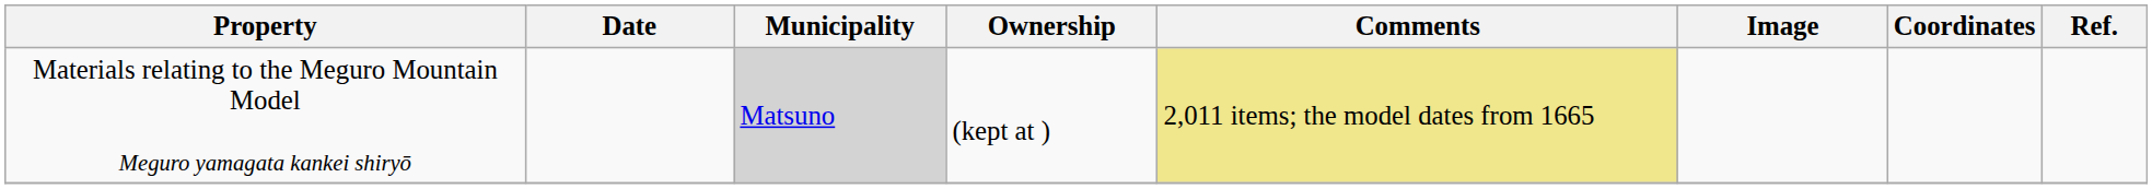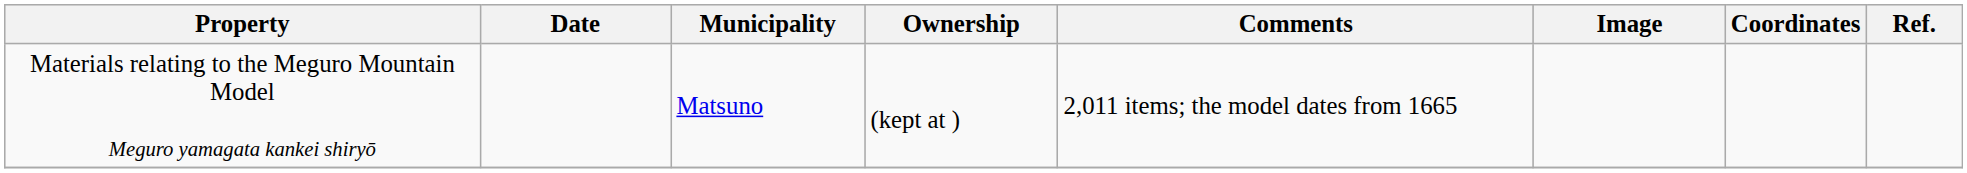 <table class="wikitable sortable"  style="width:100%;">
 <tr>
 <th width="25%" align="left">Property</th>
 <th width="10%" align="left">Date</th>
 <th width="10%" align="left">Municipality</th>
 <th width="10%" align="left">Ownership</th>
 <th width="25%" align="left" class="unsortable">Comments</th>
 <th width="10%" align="left" class="unsortable">Image</th>
 <th width="5%" align="left" class="unsortable">Coordinates</th>
 <th width="5%" align="left" class="unsortable">Ref.</th>
 </tr>
 <tr>
 <td align="center">Materials relating to the Meguro Mountain Model<br><br><small><em>Meguro yamagata kankei shiryō</em></small></td>
 <td></td>
-<td style="background: lightgrey;"><a href='#'>Matsuno</a></td>
+<td><a href='#'>Matsuno</a></td>
 <td><br>(kept at )</td>
-<td style="background: khaki;">2,011 items; the model dates from 1665</td>
+<td>2,011 items; the model dates from 1665</td>
 <td></td>
 <td></td>
 <td></td>
 </tr>
 <tr>
 </tr>
 </table>
